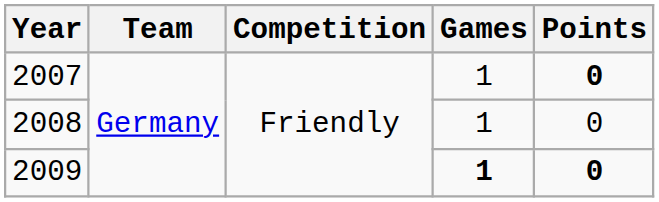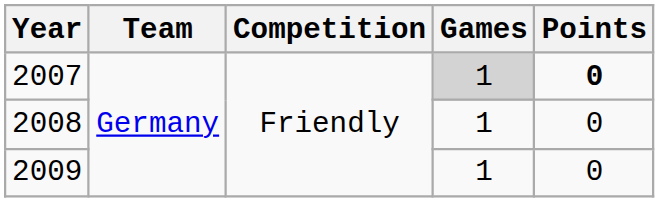 <table class="wikitable">
 <tr>
 <th>Year</th>
 <th>Team</th>
 <th>Competition</th>
 <th>Games</th>
 <th>Points</th>
 </tr>
 <tr align="center">
 <td>2007</td>
 <td rowspan=3><a href='#'>Germany</a></td>
 <td rowspan=3>Friendly</td>
-<td>1</td>
+<td style="background: lightgrey;">1</td>
 <td><strong>0</strong></td>
 </tr>
 <tr align="center">
 <td>2008</td>
 <td>1</td>
 <td>0</td>
 </tr>
 <tr align="center">
 <td>2009</td>
-<td><strong>1</strong></td>
-<td><strong>0</strong></td>
+<td>1</td>
+<td>0</td>
 </tr>
 </table>
